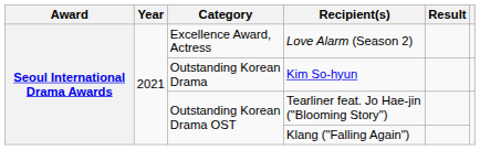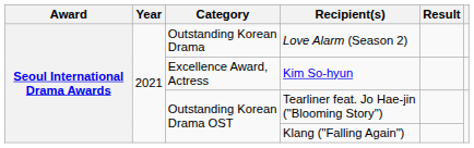 <table class="wikitable plainrowheaders">
 <tr>
 <th scope="col">Award</th>
 <th scope="col">Year</th>
 <th scope="col">Category</th>
 <th scope="col">Recipient(s)</th>
 <th scope="col">Result</th>
 <th scope="col" class="unsortable"></th>
 </tr>
 <tr>
 <th rowspan="4" scope="row"><a href='#'>Seoul International Drama Awards</a></th>
 <td rowspan="4" style="text-align:center">2021</td>
-<td>Excellence Award, Actress</td>
+<td>Outstanding Korean Drama</td>
 <td><em>Love Alarm</em> (Season 2)</td>
 <td></td>
 <td></td>
 </tr>
 <tr>
-<td>Outstanding Korean Drama</td>
+<td>Excellence Award, Actress</td>
 <td><a href='#'>Kim So-hyun</a></td>
 <td></td>
 <td></td>
 </tr>
 <tr>
 <td rowspan="2">Outstanding Korean Drama OST</td>
 <td>Tearliner feat. Jo Hae-jin ("Blooming Story")</td>
 <td></td>
 <td rowspan="2"></td>
 </tr>
 <tr>
 <td>Klang ("Falling Again")</td>
 <td></td>
 </tr>
 </table>
